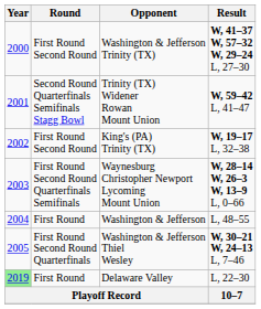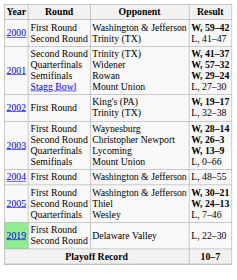 <table class="wikitable" style="text-align: ">
 <tr>
 <th>Year</th>
 <th>Round</th>
 <th>Opponent</th>
 <th>Result</th>
 </tr>
 <tr>
 <td><a href='#'>2000</a></td>
 <td>First Round<br>Second Round</td>
 <td>Washington & Jefferson<br>Trinity (TX)</td>
-<td><strong>W, 41–37</strong><br><strong>W, 57–32</strong><br><strong>W, 29–24</strong><br>L, 27–30</td>
+<td><strong>W, 59–42</strong><br>L, 41–47 </td>
 </tr>
 <tr>
 <td><a href='#'>2001</a></td>
 <td>Second Round<br>Quarterfinals<br>Semifinals<br><a href='#'>Stagg Bowl</a></td>
 <td>Trinity (TX)<br>Widener<br>Rowan<br>Mount Union</td>
-<td><strong>W, 59–42</strong><br>L, 41–47 </td>
+<td><strong>W, 41–37</strong><br><strong>W, 57–32</strong><br><strong>W, 29–24</strong><br>L, 27–30</td>
 </tr>
 <tr>
 <td><a href='#'>2002</a></td>
-<td>First Round<br>Second Round</td>
+<td>First Round</td>
 <td>King's (PA)<br>Trinity (TX)</td>
 <td><strong>W, 19–17</strong><br>L, 32–38</td>
 </tr>
 <tr>
 <td><a href='#'>2003</a></td>
 <td>First Round<br>Second Round<br>Quarterfinals<br>Semifinals</td>
 <td>Waynesburg<br>Christopher Newport<br>Lycoming<br>Mount Union</td>
 <td><strong>W, 28–14</strong><br><strong>W, 26–3</strong><br><strong>W, 13–9</strong><br>L, 0–66</td>
 </tr>
 <tr>
 <td><a href='#'>2004</a></td>
 <td>First Round</td>
 <td>Washington & Jefferson</td>
 <td>L, 48–55 </td>
 </tr>
 <tr>
 <td><a href='#'>2005</a></td>
 <td>First Round<br>Second Round<br>Quarterfinals</td>
 <td>Washington & Jefferson<br>Thiel<br>Wesley</td>
 <td><strong>W, 30–21</strong><br><strong>W, 24–13</strong><br>L, 7–46</td>
 </tr>
 <tr>
 <td style="background: lightgreen;"><a href='#'>2019</a></td>
-<td>First Round</td>
+<td>First Round<br>Second Round</td>
 <td>Delaware Valley</td>
 <td>L, 22–30</td>
 </tr>
 <tr>
 <th colspan=3>Playoff Record</th>
 <th colspan=2>10–7</th>
 </tr>
 <tr>
 </tr>
 </table>
